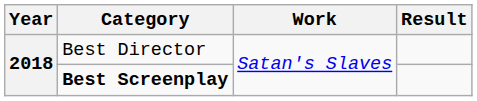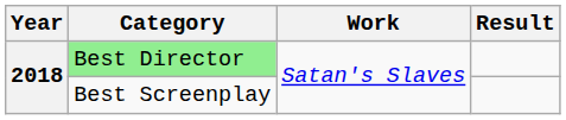 <table class="wikitable plainrowheaders sortable">
 <tr>
 <th>Year</th>
 <th>Category</th>
 <th>Work</th>
 <th>Result</th>
 </tr>
 <tr>
 <th rowspan="2">2018</th>
-<td>Best Director</td>
+<td style="background: lightgreen;">Best Director</td>
 <td rowspan="2"><em><a href='#'>Satan's Slaves</a></em></td>
 <td></td>
 </tr>
 <tr>
-<td><strong>Best Screenplay</strong></td>
+<td>Best Screenplay</td>
 <td></td>
 </tr>
 </table>
